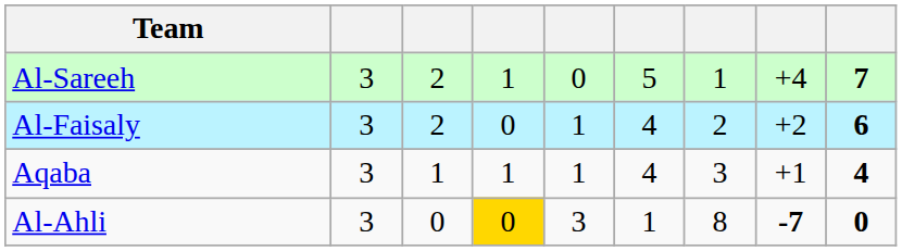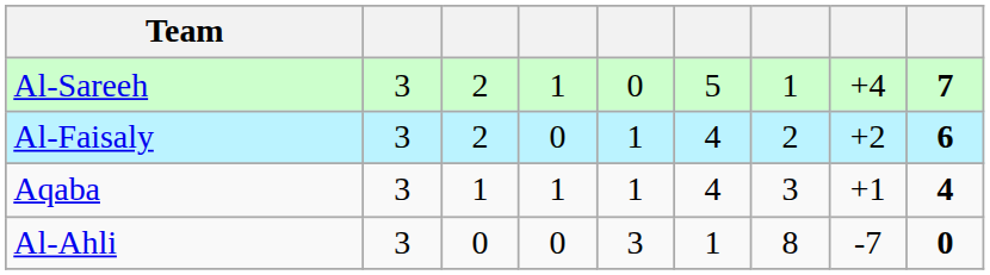 <table class="wikitable" style="text-align: center;">
 <tr>
 <th width="165">Team</th>
 <th width="30"></th>
 <th width="30"></th>
 <th width="30"></th>
 <th width="30"></th>
 <th width="30"></th>
 <th width="30"></th>
 <th width="30"></th>
 <th width="30"></th>
 </tr>
 <tr bgcolor="#ccffcc">
 <td align="left"><a href='#'>Al-Sareeh</a></td>
 <td>3</td>
 <td>2</td>
 <td>1</td>
 <td>0</td>
 <td>5</td>
 <td>1</td>
 <td>+4</td>
 <td><strong>7</strong></td>
 </tr>
 <tr bgcolor="#bbf3ff">
 <td align="left"><a href='#'>Al-Faisaly</a></td>
 <td>3</td>
 <td>2</td>
 <td>0</td>
 <td>1</td>
 <td>4</td>
 <td>2</td>
 <td>+2</td>
 <td><strong>6</strong></td>
 </tr>
 <tr>
 <td align="left"><a href='#'>Aqaba</a></td>
 <td>3</td>
 <td>1</td>
 <td>1</td>
 <td>1</td>
 <td>4</td>
 <td>3</td>
 <td>+1</td>
 <td><strong>4</strong></td>
 </tr>
 <tr>
 <td align="left"><a href='#'>Al-Ahli</a></td>
 <td>3</td>
 <td>0</td>
-<td style="background: gold;">0</td>
+<td>0</td>
 <td>3</td>
 <td>1</td>
 <td>8</td>
-<td><strong>-7</strong></td>
+<td>-7</td>
 <td><strong>0</strong></td>
 </tr>
 </table>
